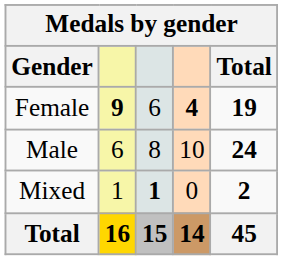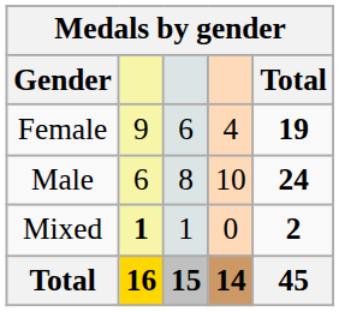 <table class=wikitable style=font-size:85%;float:right;text-align:center>
 <tr>
 <th colspan=6>Medals by gender</th>
 </tr>
 <tr>
 <th>Gender</th>
 <td bgcolor=F7F6A8></td>
 <td bgcolor=DCE5E5></td>
 <td bgcolor=FFDAB9></td>
 <th>Total</th>
 </tr>
 <tr>
 <td>Female</td>
-<td bgcolor=F7F6A8><strong>9</strong></td>
+<td bgcolor=F7F6A8>9</td>
 <td bgcolor=DCE5E5>6</td>
-<td bgcolor=FFDAB9><strong>4</strong></td>
+<td bgcolor=FFDAB9>4</td>
 <td><strong>19</strong></td>
 </tr>
 <tr>
 <td>Male</td>
 <td bgcolor=F7F6A8>6</td>
 <td bgcolor=DCE5E5>8</td>
 <td bgcolor=FFDAB9>10</td>
 <td><strong>24</strong></td>
 </tr>
 <tr>
 <td>Mixed</td>
-<td bgcolor=F7F6A8>1</td>
-<td bgcolor=DCE5E5><strong>1</strong></td>
+<td bgcolor=F7F6A8><strong>1</strong></td>
+<td bgcolor=DCE5E5>1</td>
 <td bgcolor=FFDAB9>0</td>
 <td><strong>2</strong></td>
 </tr>
 <tr>
 <th>Total</th>
 <th style=background:gold><strong>16</strong></th>
 <th style=background:silver><strong>15</strong></th>
 <th style=background:#c96><strong>14</strong></th>
 <th><strong>45</strong></th>
 </tr>
 </table>
